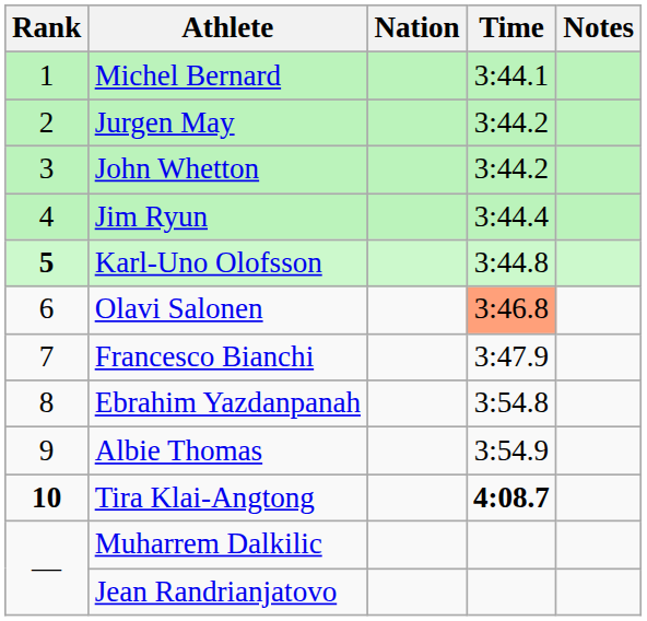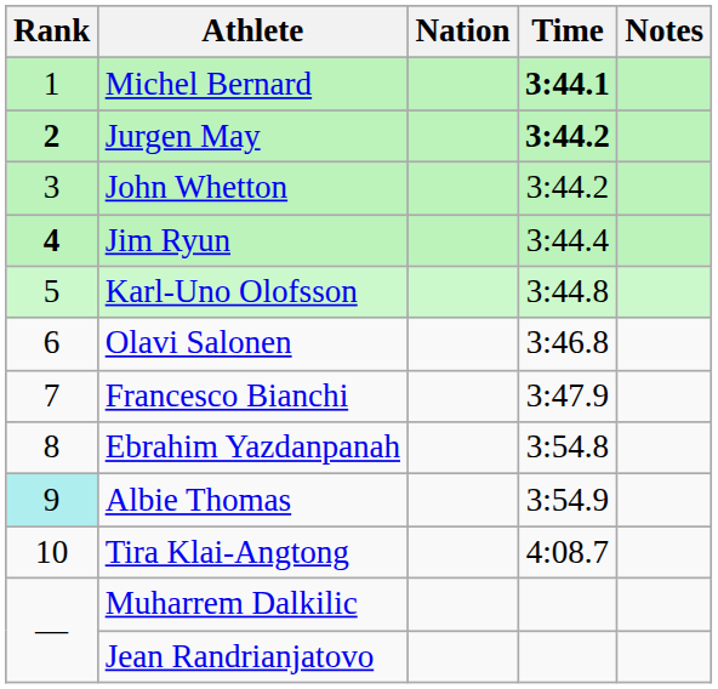 <table class="wikitable sortable" style="text-align:center">
 <tr>
 <th>Rank</th>
 <th>Athlete</th>
 <th>Nation</th>
 <th>Time</th>
 <th>Notes</th>
 </tr>
 <tr bgcolor=bbf3bb>
 <td>1</td>
 <td align=left><a href='#'>Michel Bernard</a></td>
 <td align=left></td>
-<td>3:44.1</td>
+<td><strong>3:44.1</strong></td>
 <td></td>
 </tr>
 <tr bgcolor=bbf3bb>
-<td>2</td>
+<td><strong>2</strong></td>
 <td align=left><a href='#'>Jurgen May</a></td>
 <td align=left></td>
-<td>3:44.2</td>
+<td><strong>3:44.2</strong></td>
 <td></td>
 </tr>
 <tr bgcolor=bbf3bb>
 <td>3</td>
 <td align=left><a href='#'>John Whetton</a></td>
 <td align=left></td>
 <td>3:44.2</td>
 <td></td>
 </tr>
 <tr bgcolor=bbf3bb>
-<td>4</td>
+<td><strong>4</strong></td>
 <td align=left><a href='#'>Jim Ryun</a></td>
 <td align=left></td>
 <td>3:44.4</td>
 <td></td>
 </tr>
 <tr bgcolor=ccf9cc>
-<td><strong>5</strong></td>
+<td>5</td>
 <td align=left><a href='#'>Karl-Uno Olofsson</a></td>
 <td align=left></td>
 <td>3:44.8</td>
 <td></td>
 </tr>
 <tr>
 <td>6</td>
 <td align=left><a href='#'>Olavi Salonen</a></td>
 <td align=left></td>
-<td style="background: lightsalmon;">3:46.8</td>
+<td>3:46.8</td>
 <td></td>
 </tr>
 <tr>
 <td>7</td>
 <td align=left><a href='#'>Francesco Bianchi</a></td>
 <td align=left></td>
 <td>3:47.9</td>
 <td></td>
 </tr>
 <tr>
 <td>8</td>
 <td align=left><a href='#'>Ebrahim Yazdanpanah</a></td>
 <td align=left></td>
 <td>3:54.8</td>
 <td></td>
 </tr>
 <tr>
-<td>9</td>
+<td style="background: paleturquoise;">9</td>
 <td align=left><a href='#'>Albie Thomas</a></td>
 <td align=left></td>
 <td>3:54.9</td>
 <td></td>
 </tr>
 <tr>
-<td><strong>10</strong></td>
+<td>10</td>
 <td align=left><a href='#'>Tira Klai-Angtong</a></td>
 <td align=left></td>
-<td><strong>4:08.7</strong></td>
+<td>4:08.7</td>
 <td></td>
 </tr>
 <tr>
 <td rowspan=2 data-sort-value=11>—</td>
 <td align=left><a href='#'>Muharrem Dalkilic</a></td>
 <td align=left></td>
 <td></td>
 <td></td>
 </tr>
 <tr>
 <td align=left><a href='#'>Jean Randrianjatovo</a></td>
 <td align=left></td>
 <td></td>
 <td></td>
 </tr>
 </table>
